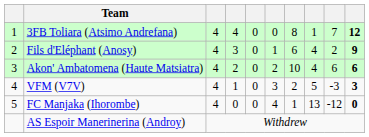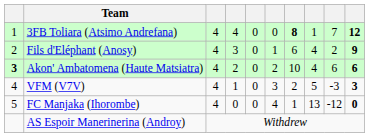 <table class="wikitable" style="text-align: center;">
 <tr>
 <th width=20></th>
 <th>Team</th>
 <th width=20></th>
 <th width=20></th>
 <th width=20></th>
 <th width=20></th>
 <th width=20></th>
 <th width=20></th>
 <th width=20></th>
 <th width=20></th>
 </tr>
 <tr bgcolor=#ccffcc>
 <td>1</td>
 <td align=left><a href='#'>3FB Toliara</a> (<a href='#'>Atsimo Andrefana</a>)</td>
 <td>4</td>
 <td>4</td>
 <td>0</td>
 <td>0</td>
-<td>8</td>
+<td><strong>8</strong></td>
 <td>1</td>
 <td>7</td>
 <td><strong>12</strong></td>
 </tr>
 <tr bgcolor=#ccffcc>
 <td>2</td>
 <td align=left><a href='#'>Fils d'Eléphant</a> (<a href='#'>Anosy</a>)</td>
 <td>4</td>
 <td>3</td>
 <td>0</td>
 <td>1</td>
 <td>6</td>
 <td>4</td>
 <td>2</td>
 <td><strong>9</strong></td>
 </tr>
 <tr bgcolor=#ccffcc>
-<td>3</td>
+<td><strong>3</strong></td>
 <td align=left><a href='#'>Akon' Ambatomena</a> (<a href='#'>Haute Matsiatra</a>)</td>
 <td>4</td>
 <td>2</td>
 <td>0</td>
 <td>2</td>
 <td>10</td>
 <td>4</td>
 <td>6</td>
 <td><strong>6</strong></td>
 </tr>
 <tr>
 <td>4</td>
 <td align=left><a href='#'>VFM</a> (<a href='#'>V7V</a>)</td>
 <td>4</td>
 <td>1</td>
 <td>0</td>
 <td>3</td>
 <td>2</td>
 <td>5</td>
 <td>-3</td>
 <td><strong>3</strong></td>
 </tr>
 <tr>
 <td>5</td>
 <td align=left><a href='#'>FC Manjaka</a> (<a href='#'>Ihorombe</a>)</td>
 <td>4</td>
 <td>0</td>
 <td>0</td>
 <td>4</td>
 <td>1</td>
 <td>13</td>
 <td>-12</td>
 <td><strong>0</strong></td>
 </tr>
 <tr>
 <td></td>
 <td align=left><a href='#'>AS Espoir Manerinerina</a> (<a href='#'>Androy</a>)</td>
 <td colspan=8 style="text-align:center;"><em>Withdrew</em></td>
 </tr>
 </table>
